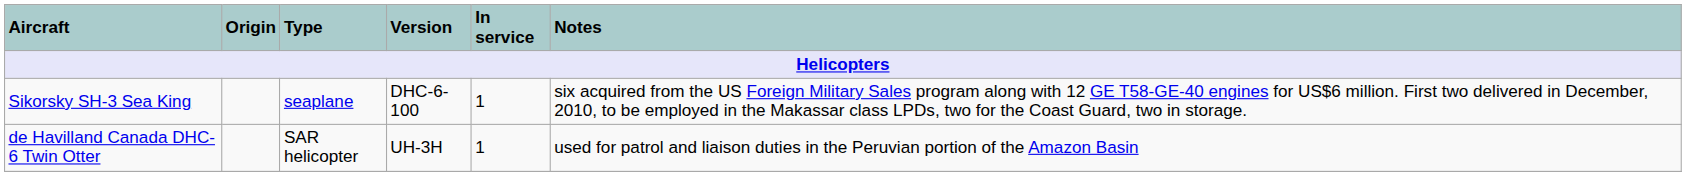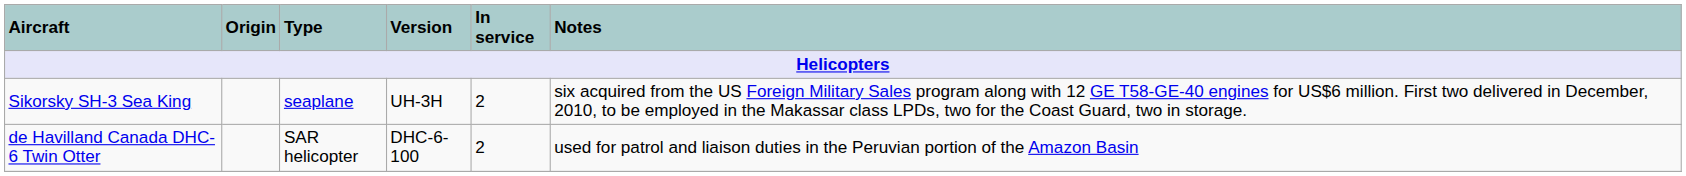 <table class="wikitable">
 <tr>
 <th style="text-align: left; background: #aacccc;">Aircraft</th>
 <th style="text-align: left; background: #aacccc;">Origin</th>
 <th style="text-align: left; background: #aacccc;">Type</th>
 <th style="text-align: left; background: #aacccc;">Version</th>
 <th style="text-align: left; background: #aacccc;">In service</th>
 <th style="text-align: left; background: #aacccc;">Notes</th>
 </tr>
 <tr ---->
 <th style="align: center; background: lavender;" colspan="7"><strong><a href='#'>Helicopters</a></strong></th>
 </tr>
 <tr ---->
 <td><a href='#'>Sikorsky SH-3 Sea King</a></td>
 <td></td>
 <td><a href='#'>seaplane</a></td>
-<td>DHC-6-100</td>
-<td>1</td>
+<td>UH-3H</td>
+<td>2</td>
 <td>six acquired from the US <a href='#'>Foreign Military Sales</a> program along with 12 <a href='#'>GE T58-GE-40 engines</a> for US$6 million. First two delivered in December, 2010, to be employed in the Makassar class LPDs, two for the Coast Guard, two in storage.</td>
 </tr>
 <tr>
 <td><a href='#'>de Havilland Canada DHC-6 Twin Otter</a></td>
 <td></td>
 <td>SAR helicopter</td>
-<td>UH-3H</td>
-<td>1</td>
+<td>DHC-6-100</td>
+<td>2</td>
 <td>used for patrol and liaison duties in the Peruvian portion of the <a href='#'>Amazon Basin</a></td>
 </tr>
 <tr>
 </tr>
 </table>
